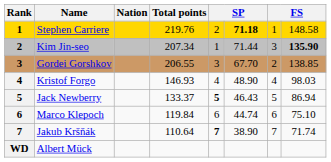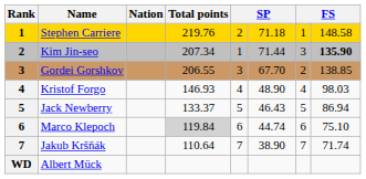 <table class="wikitable sortable">
 <tr>
 <th>Rank</th>
 <th>Name</th>
 <th>Nation</th>
 <th>Total points</th>
 <th colspan="2" width="80px"><a href='#'>SP</a></th>
 <th colspan="2" width="80px"><a href='#'>FS</a></th>
 </tr>
 <tr bgcolor="gold">
 <td align="center"><strong>1</strong></td>
 <td><a href='#'>Stephen Carriere</a></td>
 <td></td>
 <td align="center">219.76</td>
 <td align="center">2</td>
-<td align="center"><strong>71.18</strong></td>
+<td align="center">71.18</td>
 <td align="center">1</td>
 <td align="center">148.58</td>
 </tr>
 <tr bgcolor="silver">
 <td align="center"><strong>2</strong></td>
 <td><a href='#'>Kim Jin-seo</a></td>
 <td></td>
 <td align="center">207.34</td>
 <td align="center">1</td>
 <td align="center">71.44</td>
 <td align="center">3</td>
 <td align="center"><strong>135.90</strong></td>
 </tr>
 <tr bgcolor="cc9966">
 <td align="center"><strong>3</strong></td>
 <td><a href='#'>Gordei Gorshkov</a></td>
 <td></td>
 <td align="center">206.55</td>
 <td align="center">3</td>
 <td align="center">67.70</td>
 <td align="center">2</td>
 <td align="center">138.85</td>
 </tr>
 <tr>
 <th>4</th>
 <td><a href='#'>Kristof Forgo</a></td>
 <td></td>
 <td align="center">146.93</td>
 <td align="center">4</td>
 <td align="center">48.90</td>
 <td align="center">4</td>
 <td align="center">98.03</td>
 </tr>
 <tr>
 <th>5</th>
 <td><a href='#'>Jack Newberry</a></td>
 <td></td>
 <td align="center">133.37</td>
-<td align="center"><strong>5</strong></td>
+<td align="center">5</td>
 <td align="center">46.43</td>
 <td align="center">5</td>
 <td align="center">86.94</td>
 </tr>
 <tr>
 <th>6</th>
 <td><a href='#'>Marco Klepoch</a></td>
 <td></td>
-<td align="center">119.84</td>
+<td align="center" style="background: lightgrey;">119.84</td>
 <td align="center">6</td>
 <td align="center">44.74</td>
 <td align="center">6</td>
 <td align="center">75.10</td>
 </tr>
 <tr>
 <th>7</th>
 <td><a href='#'>Jakub Kršňák</a></td>
 <td></td>
 <td align="center">110.64</td>
-<td align="center"><strong>7</strong></td>
+<td align="center">7</td>
 <td align="center">38.90</td>
 <td align="center">7</td>
 <td align="center">71.74</td>
 </tr>
 <tr>
 <th>WD</th>
 <td><a href='#'>Albert Mück</a></td>
 <td></td>
 <td></td>
 <td></td>
 <td></td>
 <td></td>
 <td></td>
 </tr>
 </table>
